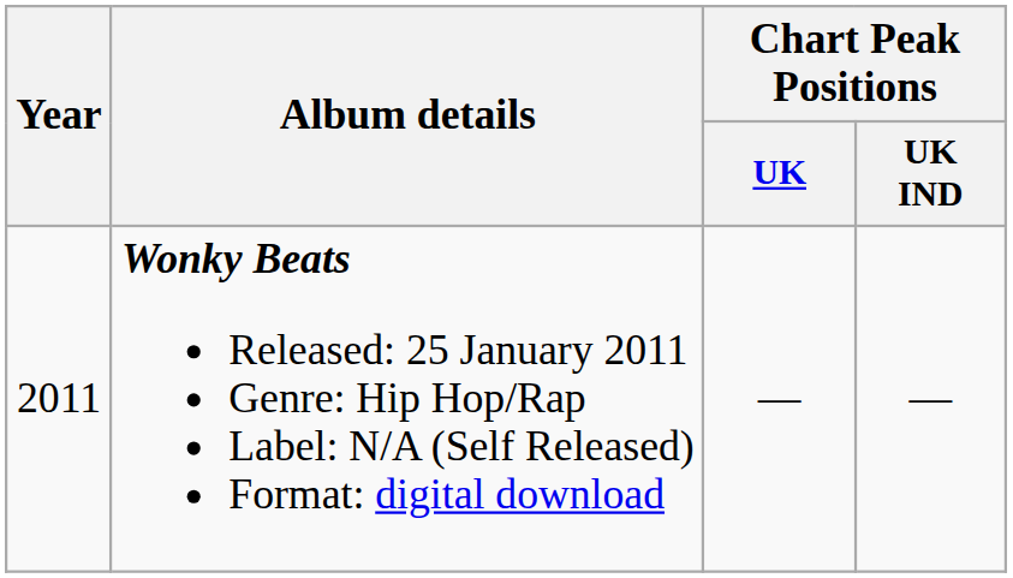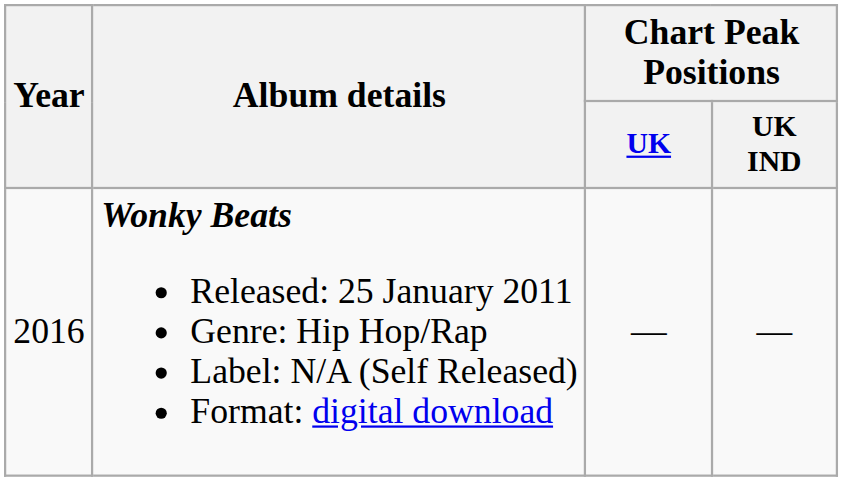 <table class=wikitable style=text-align:center;>
 <tr>
 <th rowspan=2>Year</th>
 <th rowspan=2>Album details</th>
 <th colspan=2>Chart Peak Positions</th>
 </tr>
 <tr style=font-size:smaller;>
 <th width=50><a href='#'>UK</a><br></th>
 <th width=50>UK<br>IND</th>
 </tr>
 <tr>
-<td>2011</td>
+<td>2016</td>
 <td align=left><strong><em>Wonky Beats</em></strong><br><ul><li>Released: 25 January 2011</li><li>Genre: Hip Hop/Rap</li><li>Label: N/A (Self Released)</li><li>Format: <a href='#'>digital download</a></li></ul></td>
 <td>—</td>
 <td>—</td>
 </tr>
 </table>
